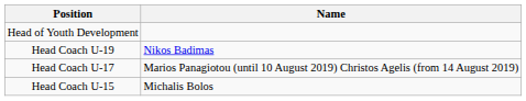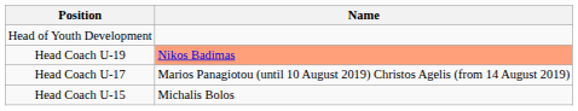 <table class="wikitable" style="text-align: center;">
 <tr>
 <th>Position</th>
 <th>Name</th>
 </tr>
 <tr>
 <td>Head of Youth Development</td>
 <td style="text-align:left;"></td>
 </tr>
 <tr>
 <td>Head Coach U-19</td>
-<td style="text-align:left;"><a href='#'>Nikos Badimas</a></td>
+<td style="background: lightsalmon; text-align:left;"><a href='#'>Nikos Badimas</a></td>
 </tr>
 <tr>
 <td>Head Coach U-17</td>
 <td style="text-align:left;">Marios Panagiotou (until 10 August 2019) Christos Agelis (from 14 August 2019)</td>
 </tr>
 <tr>
 <td>Head Coach U-15</td>
 <td style="text-align:left;">Michalis Bolos</td>
 </tr>
 </table>
